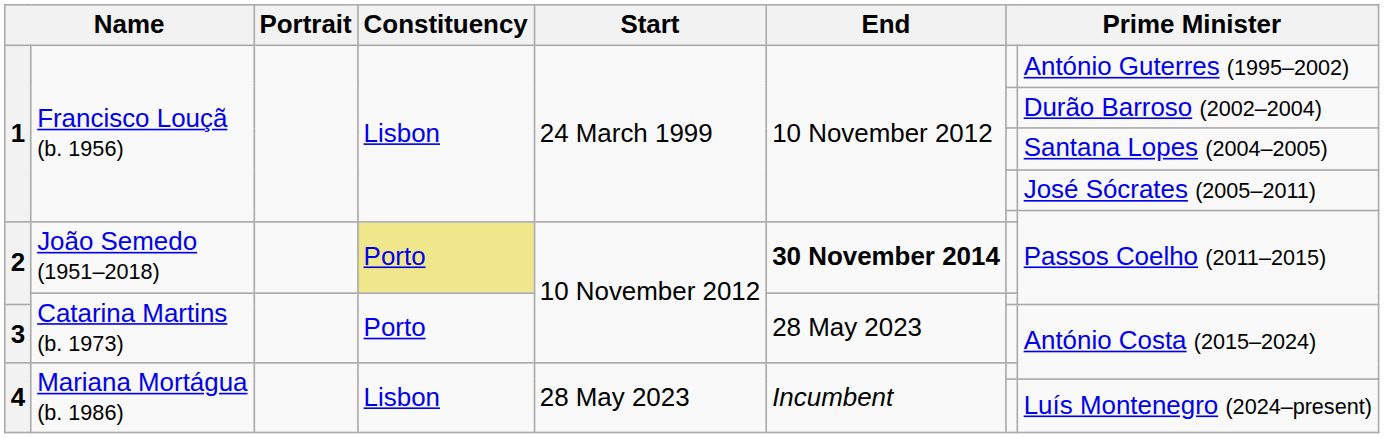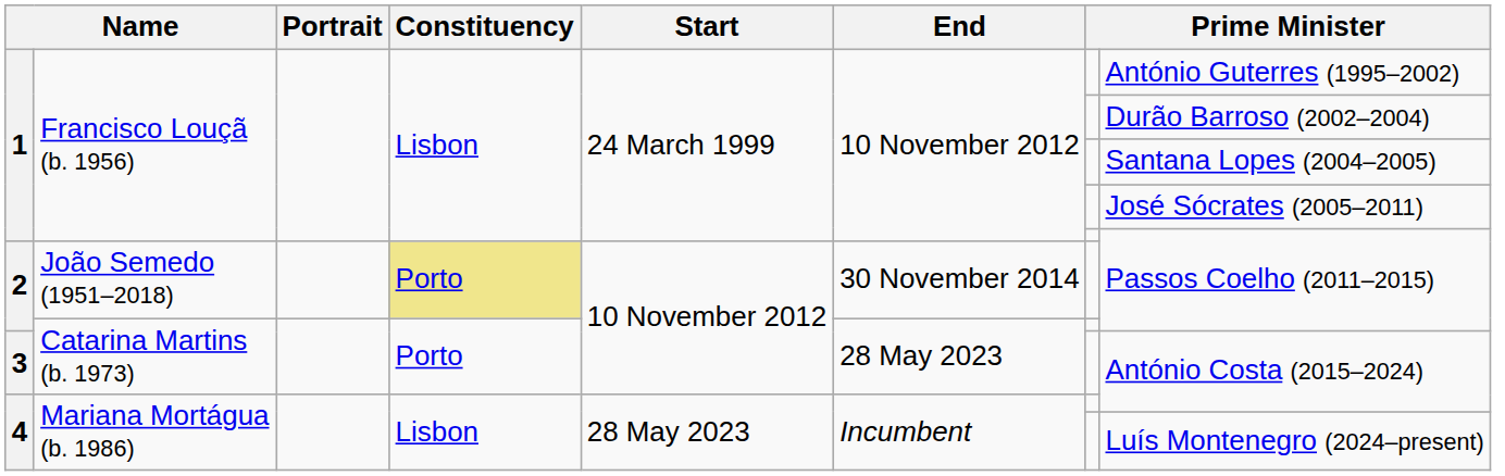 <table class="wikitable">
 <tr>
 <th colspan=2>Name</th>
 <th>Portrait</th>
 <th>Constituency</th>
 <th>Start</th>
 <th>End</th>
 <th colspan="2">Prime Minister</th>
 </tr>
 <tr>
 <th rowspan="5">1</th>
 <td rowspan="5"><a href='#'>Francisco Louçã</a><br><small>(b. 1956)</small></td>
 <td rowspan="5"></td>
 <td rowspan="5"><a href='#'>Lisbon</a></td>
 <td rowspan="5">24 March 1999</td>
 <td rowspan="5">10 November 2012</td>
 <td style="background-color: "></td>
 <td><a href='#'>António Guterres</a> <small>(1995–2002)</small></td>
 </tr>
 <tr>
 <td style="background-color: "></td>
 <td><a href='#'>Durão Barroso</a> <small>(2002–2004)</small></td>
 </tr>
 <tr>
 <td style="background-color: "></td>
 <td><a href='#'>Santana Lopes</a> <small>(2004–2005)</small></td>
 </tr>
 <tr>
 <td style="background-color: "></td>
 <td><a href='#'>José Sócrates</a> <small>(2005–2011)</small></td>
 </tr>
 <tr>
 <td style="background-color: "></td>
 <td rowspan="3"><a href='#'>Passos Coelho</a> <small>(2011–2015)</small></td>
 </tr>
 <tr>
 <th rowspan="2">2</th>
 <td><a href='#'>João Semedo</a><br><small>(1951–2018)</small></td>
 <td></td>
 <td style="background: khaki;"><a href='#'>Porto</a></td>
 <td rowspan="3">10 November 2012</td>
-<td><strong>30 November 2014</strong></td>
+<td>30 November 2014</td>
 <td style="background-color: "></td>
 </tr>
 <tr>
 <td rowspan="2"><a href='#'>Catarina Martins</a><br><small>(b. 1973)</small></td>
 <td rowspan="2"></td>
 <td rowspan="2"><a href='#'>Porto</a></td>
 <td rowspan="2">28 May 2023</td>
 <td style="background-color: "></td>
 </tr>
 <tr>
 <th>3</th>
 <td style="background-color: "></td>
 <td rowspan="2"><a href='#'>António Costa</a> <small>(2015–2024)</small></td>
 </tr>
 <tr>
 <th rowspan="2">4</th>
 <td rowspan="2"><a href='#'>Mariana Mortágua</a><br><small>(b. 1986)</small></td>
 <td rowspan="2"></td>
 <td rowspan="2"><a href='#'>Lisbon</a></td>
 <td rowspan="2">28 May 2023</td>
 <td rowspan="2"><em>Incumbent</em></td>
 <td style="background-color: "></td>
 </tr>
 <tr>
 <td style="background-color: "></td>
 <td><a href='#'>Luís Montenegro</a> <small>(2024–present)</small></td>
 </tr>
 </table>
